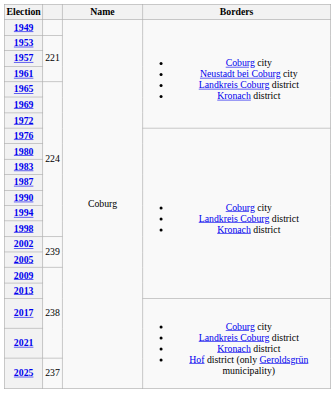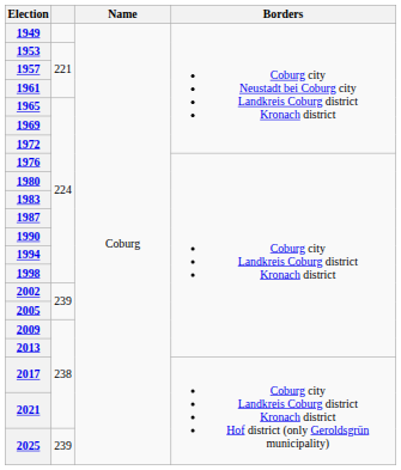 <table class=wikitable style="text-align:center">
 <tr>
 <th>Election</th>
 <th></th>
 <th width=125px>Name</th>
 <th width=300px>Borders</th>
 </tr>
 <tr>
 <th><a href='#'>1949</a></th>
 <td></td>
 <td rowspan=21>Coburg</td>
 <td rowspan=7><br><ul><li><a href='#'>Coburg</a> city</li><li><a href='#'>Neustadt bei Coburg</a> city</li><li><a href='#'>Landkreis Coburg</a> district</li><li><a href='#'>Kronach</a> district</li></ul></td>
 </tr>
 <tr>
 <th><a href='#'>1953</a></th>
 <td rowspan=3>221</td>
 </tr>
 <tr>
 <th><a href='#'>1957</a></th>
 </tr>
 <tr>
 <th><a href='#'>1961</a></th>
 </tr>
 <tr>
 <th><a href='#'>1965</a></th>
 <td rowspan=10>224</td>
 </tr>
 <tr>
 <th><a href='#'>1969</a></th>
 </tr>
 <tr>
 <th><a href='#'>1972</a></th>
 </tr>
 <tr>
 <th><a href='#'>1976</a></th>
 <td rowspan=11><br><ul><li><a href='#'>Coburg</a> city</li><li><a href='#'>Landkreis Coburg</a> district</li><li><a href='#'>Kronach</a> district</li></ul></td>
 </tr>
 <tr>
 <th><a href='#'>1980</a></th>
 </tr>
 <tr>
 <th><a href='#'>1983</a></th>
 </tr>
 <tr>
 <th><a href='#'>1987</a></th>
 </tr>
 <tr>
 <th><a href='#'>1990</a></th>
 </tr>
 <tr>
 <th><a href='#'>1994</a></th>
 </tr>
 <tr>
 <th><a href='#'>1998</a></th>
 </tr>
 <tr>
 <th><a href='#'>2002</a></th>
 <td rowspan=2>239</td>
 </tr>
 <tr>
 <th><a href='#'>2005</a></th>
 </tr>
 <tr>
 <th><a href='#'>2009</a></th>
 <td rowspan=4>238</td>
 </tr>
 <tr>
 <th><a href='#'>2013</a></th>
 </tr>
 <tr>
 <th><a href='#'>2017</a></th>
 <td rowspan=3><br><ul><li><a href='#'>Coburg</a> city</li><li><a href='#'>Landkreis Coburg</a> district</li><li><a href='#'>Kronach</a> district</li><li><a href='#'>Hof</a> district (only <a href='#'>Geroldsgrün</a> municipality)</li></ul></td>
 </tr>
 <tr>
 <th><a href='#'>2021</a></th>
 </tr>
 <tr>
 <th><a href='#'>2025</a></th>
-<td>237</td>
+<td>239</td>
 </tr>
 </table>
